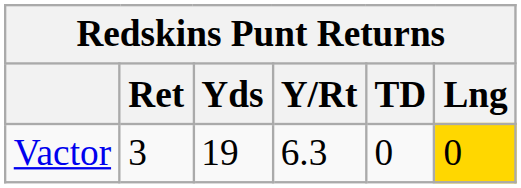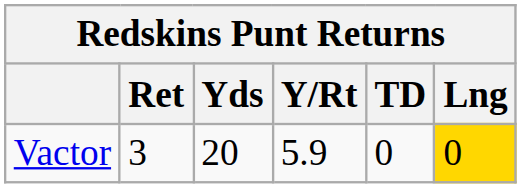 <table class="wikitable">
 <tr>
 <th colspan="6">Redskins Punt Returns</th>
 </tr>
 <tr>
 <th></th>
 <th>Ret</th>
 <th>Yds</th>
 <th>Y/Rt</th>
 <th>TD</th>
 <th>Lng</th>
 </tr>
 <tr>
 <td><a href='#'>Vactor</a></td>
 <td>3</td>
-<td>19</td>
-<td>6.3</td>
+<td>20</td>
+<td>5.9</td>
 <td>0</td>
 <td style="background: gold;">0</td>
 </tr>
 </table>
